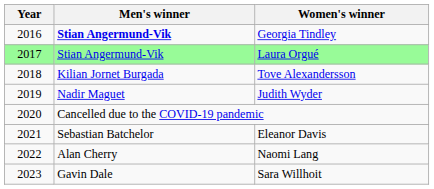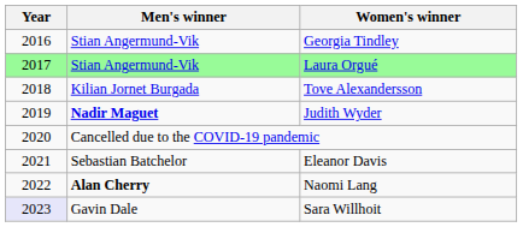 <table class="wikitable" width=40% style="font-size:90%; text-align:left;">
 <tr>
 <th>Year</th>
 <th>Men's winner</th>
 <th>Women's winner</th>
 </tr>
 <tr>
 <td align=center>2016</td>
-<td><strong> <a href='#'>Stian Angermund-Vik</a></strong></td>
+<td> <a href='#'>Stian Angermund-Vik</a></td>
 <td> <a href='#'>Georgia Tindley</a></td>
 </tr>
 <tr bgcolor=palegreen>
 <td align=center>2017</td>
 <td> <a href='#'>Stian Angermund-Vik</a></td>
 <td> <a href='#'>Laura Orgué</a></td>
 </tr>
 <tr>
 <td align=center>2018</td>
 <td> <a href='#'>Kilian Jornet Burgada</a></td>
 <td> <a href='#'>Tove Alexandersson</a></td>
 </tr>
 <tr>
 <td align=center>2019</td>
-<td> <a href='#'>Nadir Maguet</a></td>
+<td><strong> <a href='#'>Nadir Maguet</a></strong></td>
 <td> <a href='#'>Judith Wyder</a></td>
 </tr>
 <tr>
 <td align=center>2020</td>
 <td colspan="2">Cancelled due to the <a href='#'>COVID-19 pandemic</a></td>
 </tr>
 <tr>
 <td align=center>2021</td>
 <td> Sebastian Batchelor</td>
 <td> Eleanor Davis</td>
 </tr>
 <tr>
 <td align=center>2022</td>
-<td> Alan Cherry</td>
+<td><strong> Alan Cherry</strong></td>
 <td> Naomi Lang</td>
 </tr>
 <tr>
-<td align=center>2023</td>
+<td align=center style="background: lavender;">2023</td>
 <td> Gavin Dale</td>
 <td> Sara Willhoit</td>
 </tr>
 </table>
